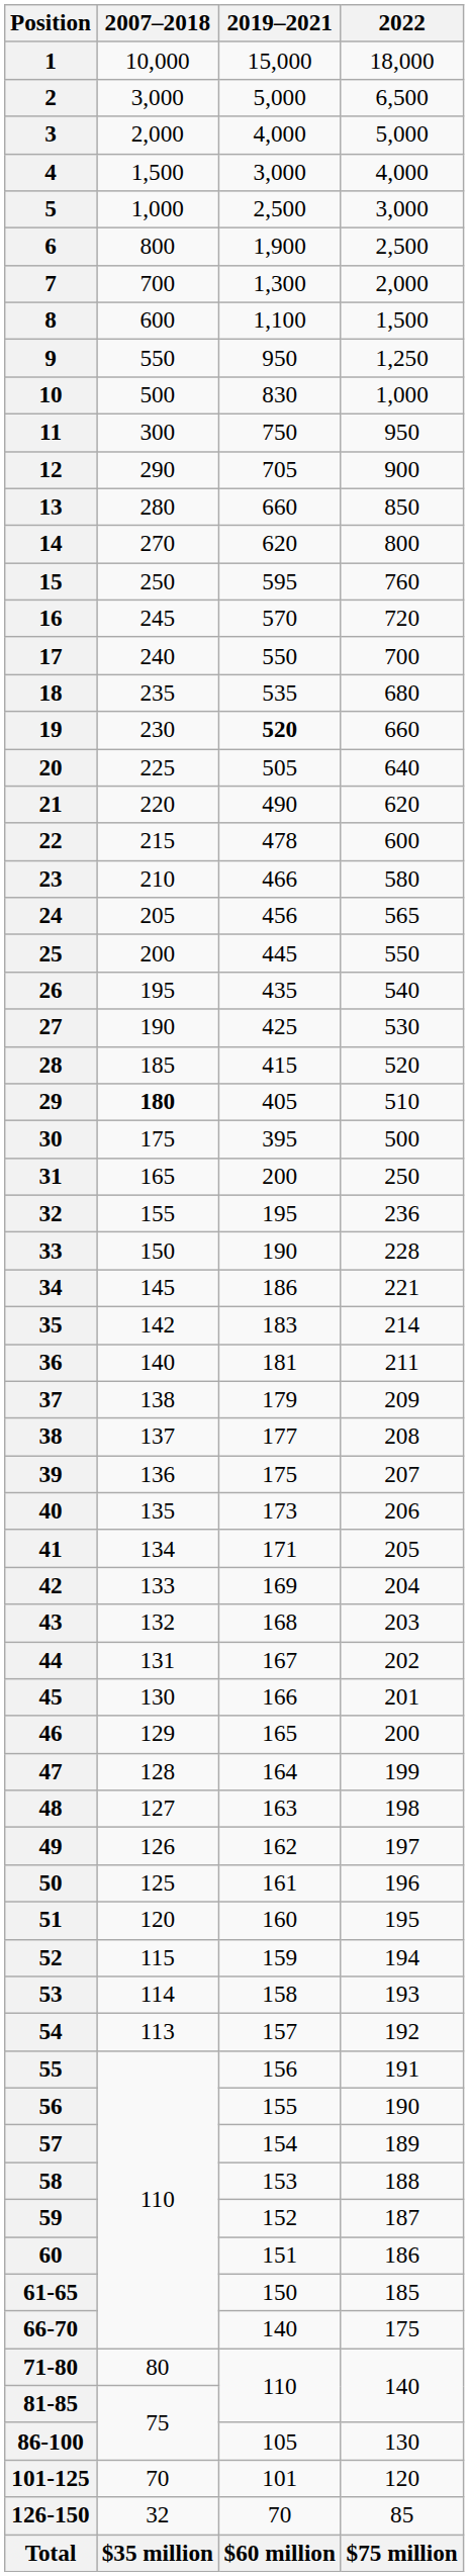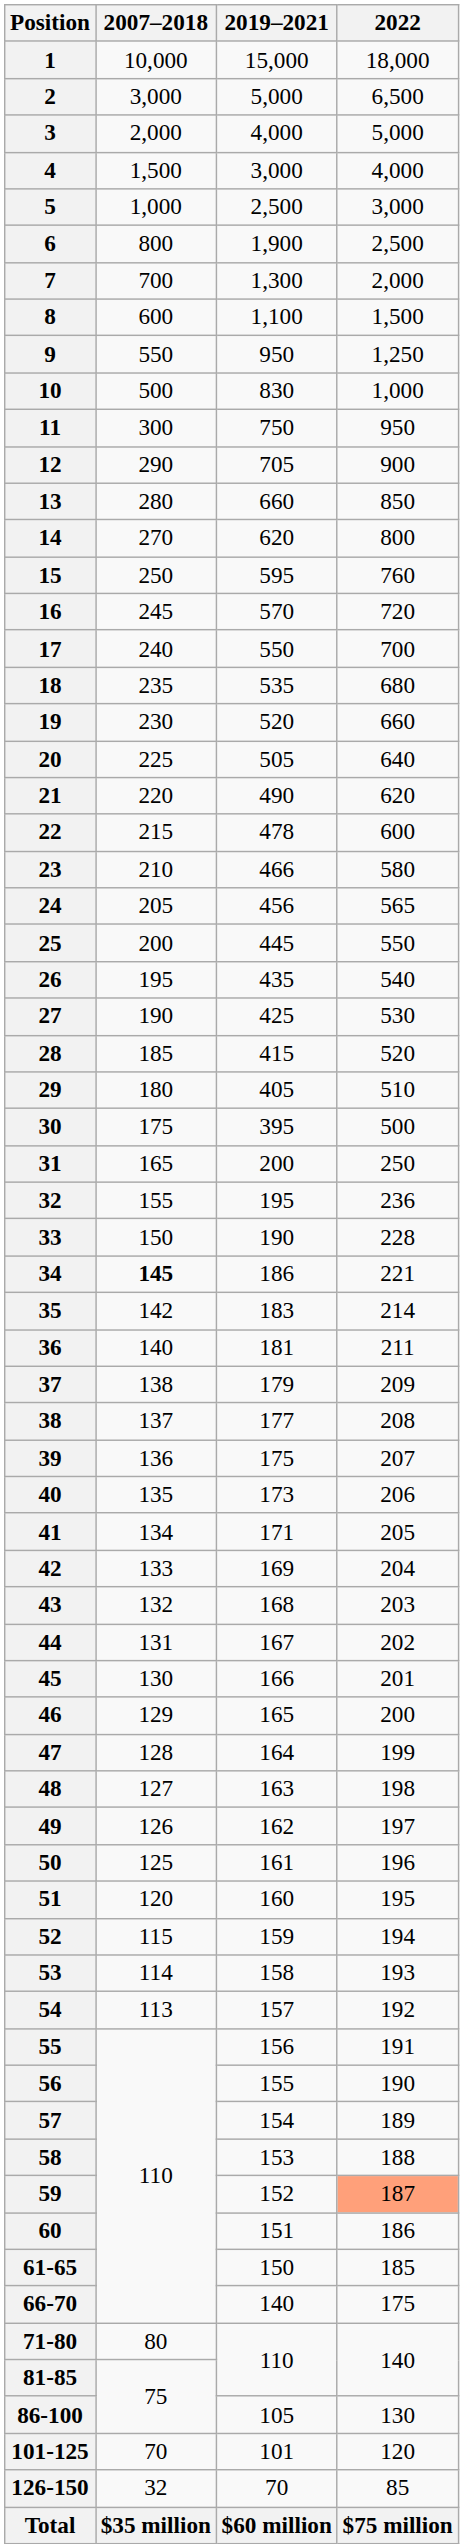 <table class="wikitable" style="text-align:center">
 <tr>
 <th>Position</th>
 <th>2007–2018</th>
 <th>2019–2021</th>
 <th>2022</th>
 </tr>
 <tr>
 <th>1</th>
 <td>10,000</td>
 <td>15,000</td>
 <td>18,000</td>
 </tr>
 <tr>
 <th>2</th>
 <td>3,000</td>
 <td>5,000</td>
 <td>6,500</td>
 </tr>
 <tr>
 <th>3</th>
 <td>2,000</td>
 <td>4,000</td>
 <td>5,000</td>
 </tr>
 <tr>
 <th>4</th>
 <td>1,500</td>
 <td>3,000</td>
 <td>4,000</td>
 </tr>
 <tr>
 <th>5</th>
 <td>1,000</td>
 <td>2,500</td>
 <td>3,000</td>
 </tr>
 <tr>
 <th>6</th>
 <td>800</td>
 <td>1,900</td>
 <td>2,500</td>
 </tr>
 <tr>
 <th>7</th>
 <td>700</td>
 <td>1,300</td>
 <td>2,000</td>
 </tr>
 <tr>
 <th>8</th>
 <td>600</td>
 <td>1,100</td>
 <td>1,500</td>
 </tr>
 <tr>
 <th>9</th>
 <td>550</td>
 <td>950</td>
 <td>1,250</td>
 </tr>
 <tr>
 <th>10</th>
 <td>500</td>
 <td>830</td>
 <td>1,000</td>
 </tr>
 <tr>
 <th>11</th>
 <td>300</td>
 <td>750</td>
 <td>950</td>
 </tr>
 <tr>
 <th>12</th>
 <td>290</td>
 <td>705</td>
 <td>900</td>
 </tr>
 <tr>
 <th>13</th>
 <td>280</td>
 <td>660</td>
 <td>850</td>
 </tr>
 <tr>
 <th>14</th>
 <td>270</td>
 <td>620</td>
 <td>800</td>
 </tr>
 <tr>
 <th>15</th>
 <td>250</td>
 <td>595</td>
 <td>760</td>
 </tr>
 <tr>
 <th>16</th>
 <td>245</td>
 <td>570</td>
 <td>720</td>
 </tr>
 <tr>
 <th>17</th>
 <td>240</td>
 <td>550</td>
 <td>700</td>
 </tr>
 <tr>
 <th>18</th>
 <td>235</td>
 <td>535</td>
 <td>680</td>
 </tr>
 <tr>
 <th>19</th>
 <td>230</td>
-<td><strong>520</strong></td>
+<td>520</td>
 <td>660</td>
 </tr>
 <tr>
 <th>20</th>
 <td>225</td>
 <td>505</td>
 <td>640</td>
 </tr>
 <tr>
 <th>21</th>
 <td>220</td>
 <td>490</td>
 <td>620</td>
 </tr>
 <tr>
 <th>22</th>
 <td>215</td>
 <td>478</td>
 <td>600</td>
 </tr>
 <tr>
 <th>23</th>
 <td>210</td>
 <td>466</td>
 <td>580</td>
 </tr>
 <tr>
 <th>24</th>
 <td>205</td>
 <td>456</td>
 <td>565</td>
 </tr>
 <tr>
 <th>25</th>
 <td>200</td>
 <td>445</td>
 <td>550</td>
 </tr>
 <tr>
 <th>26</th>
 <td>195</td>
 <td>435</td>
 <td>540</td>
 </tr>
 <tr>
 <th>27</th>
 <td>190</td>
 <td>425</td>
 <td>530</td>
 </tr>
 <tr>
 <th>28</th>
 <td>185</td>
 <td>415</td>
 <td>520</td>
 </tr>
 <tr>
 <th>29</th>
-<td><strong>180</strong></td>
+<td>180</td>
 <td>405</td>
 <td>510</td>
 </tr>
 <tr>
 <th>30</th>
 <td>175</td>
 <td>395</td>
 <td>500</td>
 </tr>
 <tr>
 <th>31</th>
 <td>165</td>
 <td>200</td>
 <td>250</td>
 </tr>
 <tr>
 <th>32</th>
 <td>155</td>
 <td>195</td>
 <td>236</td>
 </tr>
 <tr>
 <th>33</th>
 <td>150</td>
 <td>190</td>
 <td>228</td>
 </tr>
 <tr>
 <th>34</th>
-<td>145</td>
+<td><strong>145</strong></td>
 <td>186</td>
 <td>221</td>
 </tr>
 <tr>
 <th>35</th>
 <td>142</td>
 <td>183</td>
 <td>214</td>
 </tr>
 <tr>
 <th>36</th>
 <td>140</td>
 <td>181</td>
 <td>211</td>
 </tr>
 <tr>
 <th>37</th>
 <td>138</td>
 <td>179</td>
 <td>209</td>
 </tr>
 <tr>
 <th>38</th>
 <td>137</td>
 <td>177</td>
 <td>208</td>
 </tr>
 <tr>
 <th>39</th>
 <td>136</td>
 <td>175</td>
 <td>207</td>
 </tr>
 <tr>
 <th>40</th>
 <td>135</td>
 <td>173</td>
 <td>206</td>
 </tr>
 <tr>
 <th>41</th>
 <td>134</td>
 <td>171</td>
 <td>205</td>
 </tr>
 <tr>
 <th>42</th>
 <td>133</td>
 <td>169</td>
 <td>204</td>
 </tr>
 <tr>
 <th>43</th>
 <td>132</td>
 <td>168</td>
 <td>203</td>
 </tr>
 <tr>
 <th>44</th>
 <td>131</td>
 <td>167</td>
 <td>202</td>
 </tr>
 <tr>
 <th>45</th>
 <td>130</td>
 <td>166</td>
 <td>201</td>
 </tr>
 <tr>
 <th>46</th>
 <td>129</td>
 <td>165</td>
 <td>200</td>
 </tr>
 <tr>
 <th>47</th>
 <td>128</td>
 <td>164</td>
 <td>199</td>
 </tr>
 <tr>
 <th>48</th>
 <td>127</td>
 <td>163</td>
 <td>198</td>
 </tr>
 <tr>
 <th>49</th>
 <td>126</td>
 <td>162</td>
 <td>197</td>
 </tr>
 <tr>
 <th>50</th>
 <td>125</td>
 <td>161</td>
 <td>196</td>
 </tr>
 <tr>
 <th>51</th>
 <td>120</td>
 <td>160</td>
 <td>195</td>
 </tr>
 <tr>
 <th>52</th>
 <td>115</td>
 <td>159</td>
 <td>194</td>
 </tr>
 <tr>
 <th>53</th>
 <td>114</td>
 <td>158</td>
 <td>193</td>
 </tr>
 <tr>
 <th>54</th>
 <td>113</td>
 <td>157</td>
 <td>192</td>
 </tr>
 <tr>
 <th>55</th>
 <td rowspan=8>110</td>
 <td>156</td>
 <td>191</td>
 </tr>
 <tr>
 <th>56</th>
 <td>155</td>
 <td>190</td>
 </tr>
 <tr>
 <th>57</th>
 <td>154</td>
 <td>189</td>
 </tr>
 <tr>
 <th>58</th>
 <td>153</td>
 <td>188</td>
 </tr>
 <tr>
 <th>59</th>
 <td>152</td>
-<td>187</td>
+<td style="background: lightsalmon;">187</td>
 </tr>
 <tr>
 <th>60</th>
 <td>151</td>
 <td>186</td>
 </tr>
 <tr>
 <th>61-65</th>
 <td>150</td>
 <td>185</td>
 </tr>
 <tr>
 <th>66-70</th>
 <td>140</td>
 <td>175</td>
 </tr>
 <tr>
 <th>71-80</th>
 <td>80</td>
 <td rowspan=2>110</td>
 <td rowspan=2>140</td>
 </tr>
 <tr>
 <th>81-85</th>
 <td rowspan=2>75</td>
 </tr>
 <tr>
 <th>86-100</th>
 <td>105</td>
 <td>130</td>
 </tr>
 <tr>
 <th>101-125</th>
 <td>70</td>
 <td>101</td>
 <td>120</td>
 </tr>
 <tr>
 <th>126-150</th>
 <td>32</td>
 <td>70</td>
 <td>85</td>
 </tr>
 <tr>
 <th>Total</th>
 <th>$35 million</th>
 <th>$60 million</th>
 <th>$75 million</th>
 </tr>
 </table>
